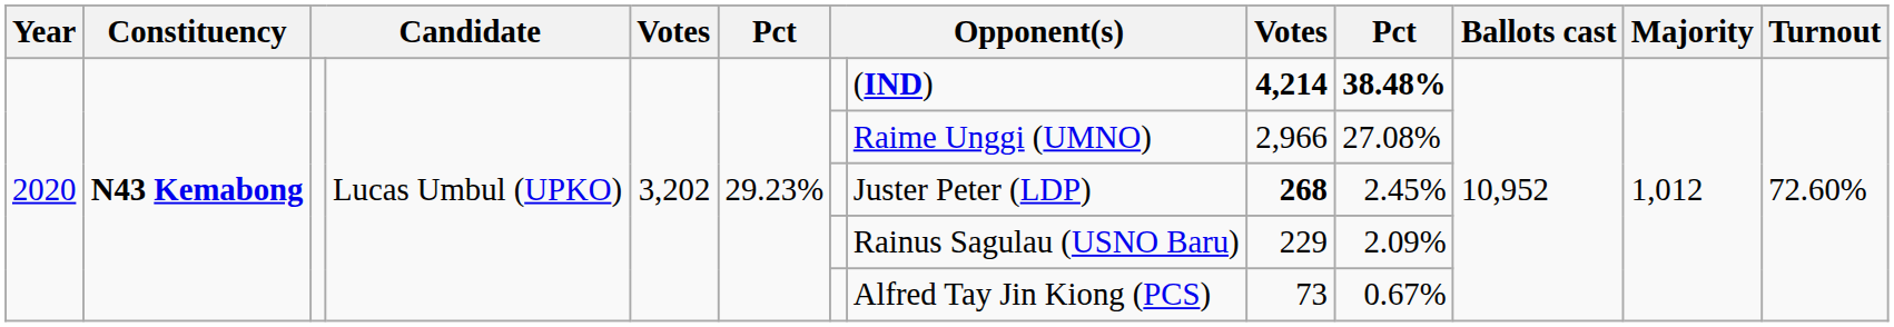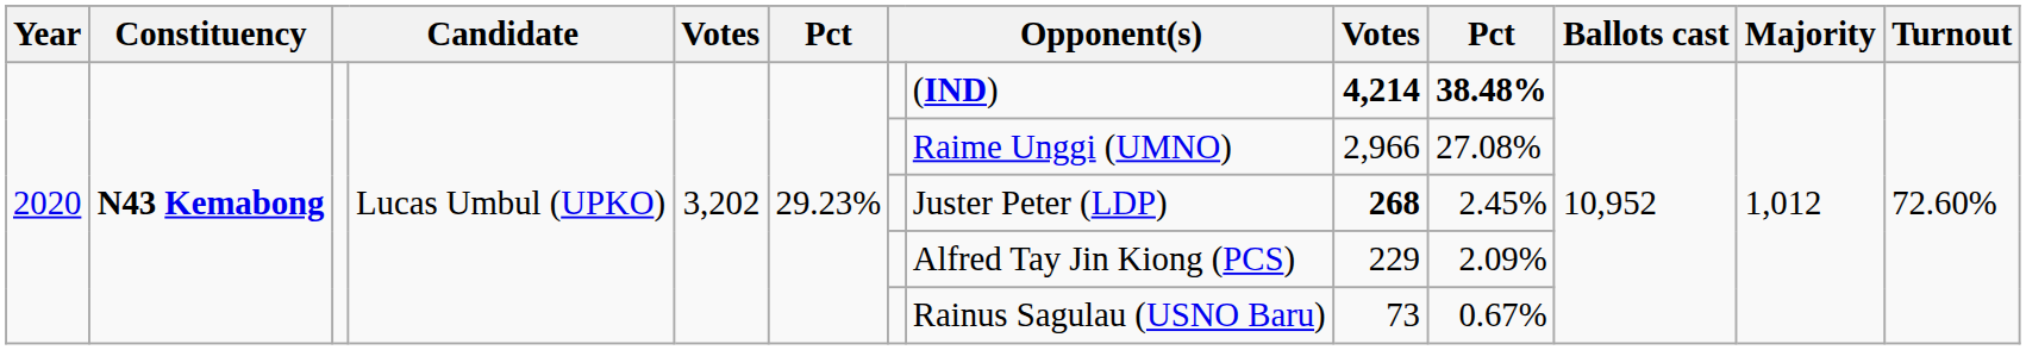 <table class="wikitable" style="margin:0.5em ; font-size:95%">
 <tr>
 <th>Year</th>
 <th>Constituency</th>
 <th colspan=2>Candidate</th>
 <th>Votes</th>
 <th>Pct</th>
 <th colspan=2>Opponent(s)</th>
 <th>Votes</th>
 <th>Pct</th>
 <th>Ballots cast</th>
 <th>Majority</th>
 <th>Turnout</th>
 </tr>
 <tr>
 <td rowspan=5><a href='#'>2020</a></td>
 <td rowspan=5><strong>N43 <a href='#'>Kemabong</a></strong></td>
 <td rowspan=5></td>
 <td rowspan=5>Lucas Umbul (<a href='#'>UPKO</a>)</td>
 <td rowspan=5 align="right">3,202</td>
 <td rowspan=5>29.23%</td>
 <td></td>
 <td> (<a href='#'><strong>IND</strong></a>)</td>
 <td align="right"><strong>4,214</strong></td>
 <td><strong>38.48%</strong></td>
 <td rowspan=5>10,952</td>
 <td rowspan=5>1,012</td>
 <td rowspan=5>72.60%</td>
 </tr>
 <tr>
 <td></td>
 <td><a href='#'>Raime Unggi</a> (<a href='#'>UMNO</a>)</td>
 <td align="right">2,966</td>
 <td>27.08%</td>
 </tr>
 <tr>
 <td></td>
 <td>Juster Peter (<a href='#'>LDP</a>)</td>
 <td align="right"><strong>268</strong></td>
 <td align="right">2.45%</td>
 </tr>
 <tr>
 <td></td>
-<td>Rainus Sagulau (<a href='#'>USNO Baru</a>)</td>
+<td>Alfred Tay Jin Kiong (<a href='#'>PCS</a>)</td>
 <td align="right">229</td>
 <td align="right">2.09%</td>
 </tr>
 <tr>
 <td bgcolor=></td>
-<td>Alfred Tay Jin Kiong (<a href='#'>PCS</a>)</td>
+<td>Rainus Sagulau (<a href='#'>USNO Baru</a>)</td>
 <td align="right">73</td>
 <td align="right">0.67%</td>
 </tr>
 </table>
